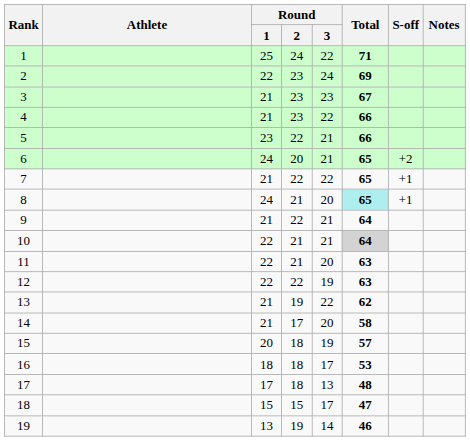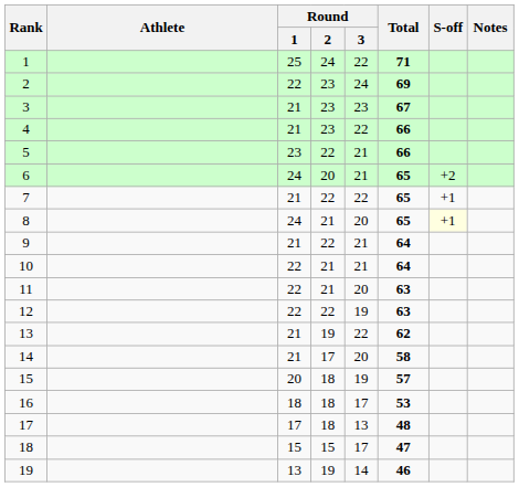 <table class="wikitable" style="text-align:center">
 <tr>
 <th rowspan=2 width=40>Rank</th>
 <th rowspan=2 width=250>Athlete</th>
 <th colspan=3>Round</th>
 <th rowspan=2 width=50>Total</th>
 <th rowspan=2 width=35>S-off</th>
 <th rowspan=2 width=45>Notes</th>
 </tr>
 <tr>
 <th width=30>1</th>
 <th width=30>2</th>
 <th width=30>3</th>
 </tr>
 <tr bgcolor=ccffcc>
 <td>1</td>
 <td align=left></td>
 <td>25</td>
 <td>24</td>
 <td>22</td>
 <td><strong>71</strong></td>
 <td></td>
 <td></td>
 </tr>
 <tr bgcolor=ccffcc>
 <td>2</td>
 <td align=left></td>
 <td>22</td>
 <td>23</td>
 <td>24</td>
 <td><strong>69</strong></td>
 <td></td>
 <td></td>
 </tr>
 <tr bgcolor=ccffcc>
 <td>3</td>
 <td align=left></td>
 <td>21</td>
 <td>23</td>
 <td>23</td>
 <td><strong>67</strong></td>
 <td></td>
 <td></td>
 </tr>
 <tr bgcolor=ccffcc>
 <td>4</td>
 <td align=left></td>
 <td>21</td>
 <td>23</td>
 <td>22</td>
 <td><strong>66</strong></td>
 <td></td>
 <td></td>
 </tr>
 <tr bgcolor=ccffcc>
 <td>5</td>
 <td align=left></td>
 <td>23</td>
 <td>22</td>
 <td>21</td>
 <td><strong>66</strong></td>
 <td></td>
 <td></td>
 </tr>
 <tr bgcolor=ccffcc>
 <td>6</td>
 <td align=left></td>
 <td>24</td>
 <td>20</td>
 <td>21</td>
 <td><strong>65</strong></td>
 <td>+2</td>
 <td></td>
 </tr>
 <tr>
 <td>7</td>
 <td align=left></td>
 <td>21</td>
 <td>22</td>
 <td>22</td>
 <td><strong>65</strong></td>
 <td>+1</td>
 <td></td>
 </tr>
 <tr>
 <td>8</td>
 <td align=left></td>
 <td>24</td>
 <td>21</td>
 <td>20</td>
-<td style="background: paleturquoise;"><strong>65</strong></td>
-<td>+1</td>
+<td><strong>65</strong></td>
+<td style="background: lightyellow;">+1</td>
 <td></td>
 </tr>
 <tr>
 <td>9</td>
 <td align=left></td>
 <td>21</td>
 <td>22</td>
 <td>21</td>
 <td><strong>64</strong></td>
 <td></td>
 <td></td>
 </tr>
 <tr>
 <td>10</td>
 <td align=left></td>
 <td>22</td>
 <td>21</td>
 <td>21</td>
-<td style="background: lightgrey;"><strong>64</strong></td>
+<td><strong>64</strong></td>
 <td></td>
 <td></td>
 </tr>
 <tr>
 <td>11</td>
 <td align=left></td>
 <td>22</td>
 <td>21</td>
 <td>20</td>
 <td><strong>63</strong></td>
 <td></td>
 <td></td>
 </tr>
 <tr>
 <td>12</td>
 <td align=left></td>
 <td>22</td>
 <td>22</td>
 <td>19</td>
 <td><strong>63</strong></td>
 <td></td>
 <td></td>
 </tr>
 <tr>
 <td>13</td>
 <td align=left></td>
 <td>21</td>
 <td>19</td>
 <td>22</td>
 <td><strong>62</strong></td>
 <td></td>
 <td></td>
 </tr>
 <tr>
 <td>14</td>
 <td align=left></td>
 <td>21</td>
 <td>17</td>
 <td>20</td>
 <td><strong>58</strong></td>
 <td></td>
 <td></td>
 </tr>
 <tr>
 <td>15</td>
 <td align=left></td>
 <td>20</td>
 <td>18</td>
 <td>19</td>
 <td><strong>57</strong></td>
 <td></td>
 <td></td>
 </tr>
 <tr>
 <td>16</td>
 <td align=left></td>
 <td>18</td>
 <td>18</td>
 <td>17</td>
 <td><strong>53</strong></td>
 <td></td>
 <td></td>
 </tr>
 <tr>
 <td>17</td>
 <td align=left></td>
 <td>17</td>
 <td>18</td>
 <td>13</td>
 <td><strong>48</strong></td>
 <td></td>
 <td></td>
 </tr>
 <tr>
 <td>18</td>
 <td align=left></td>
 <td>15</td>
 <td>15</td>
 <td>17</td>
 <td><strong>47</strong></td>
 <td></td>
 <td></td>
 </tr>
 <tr>
 <td>19</td>
 <td align=left></td>
 <td>13</td>
 <td>19</td>
 <td>14</td>
 <td><strong>46</strong></td>
 <td></td>
 <td></td>
 </tr>
 </table>
